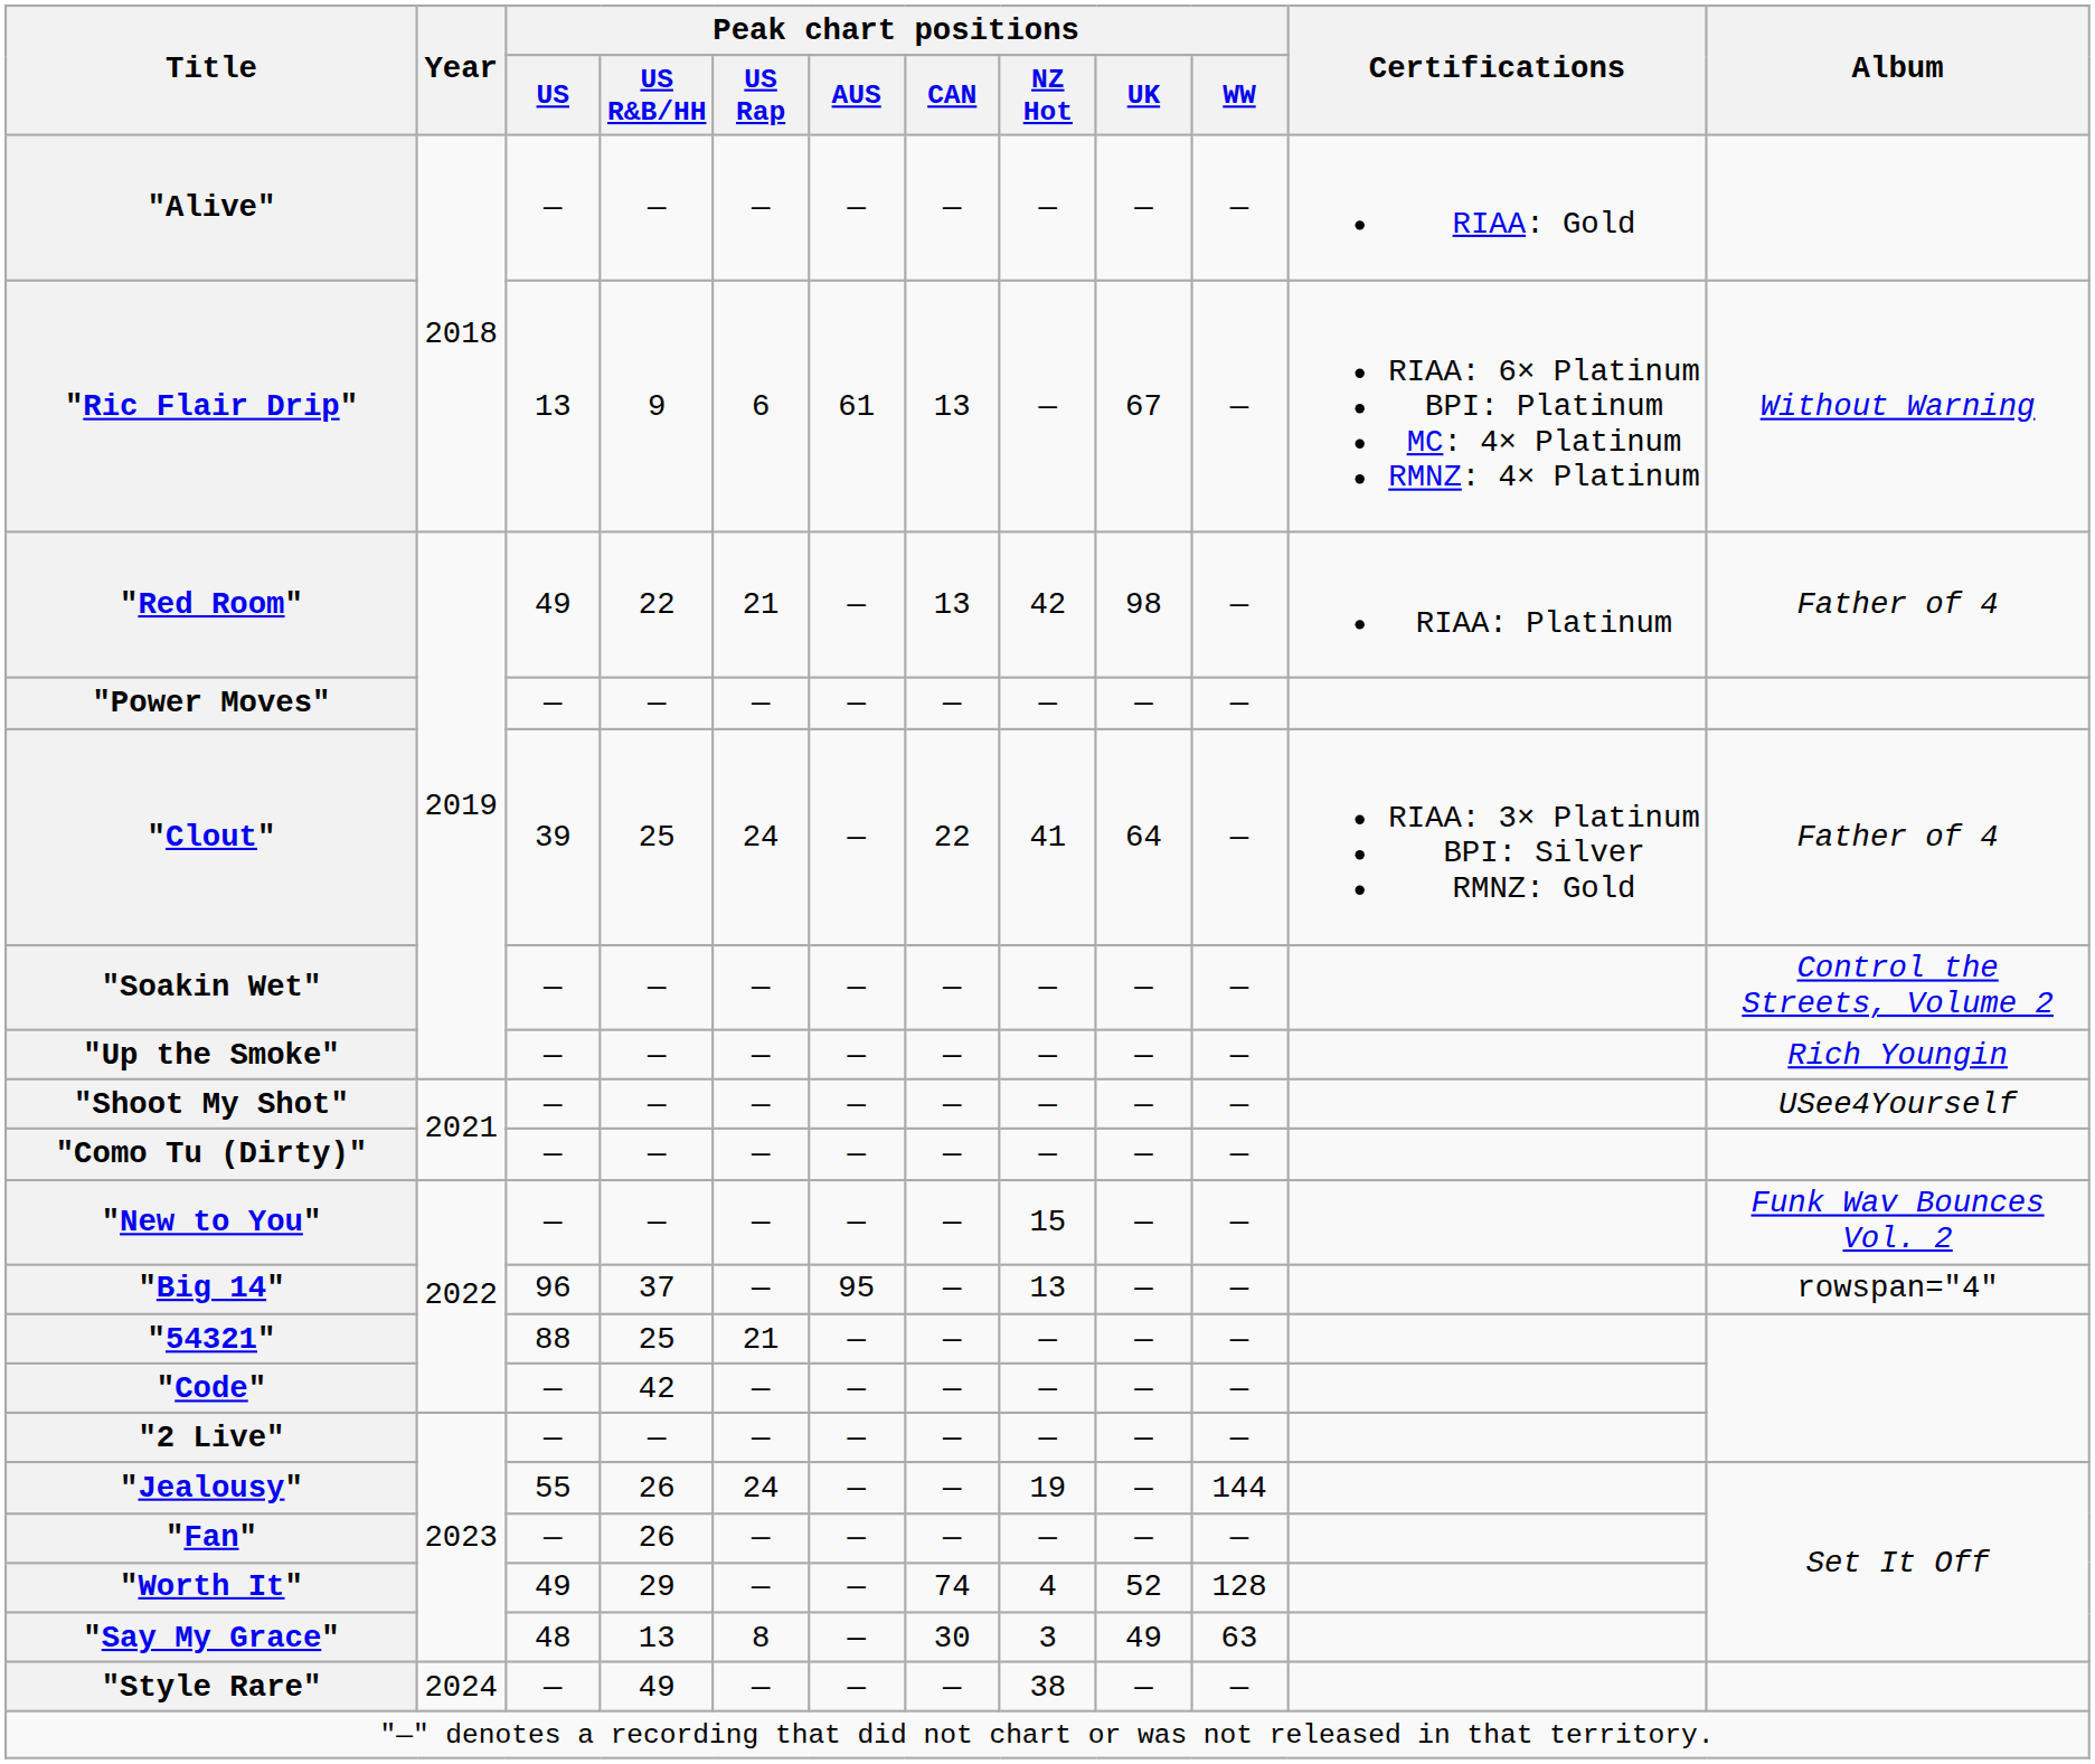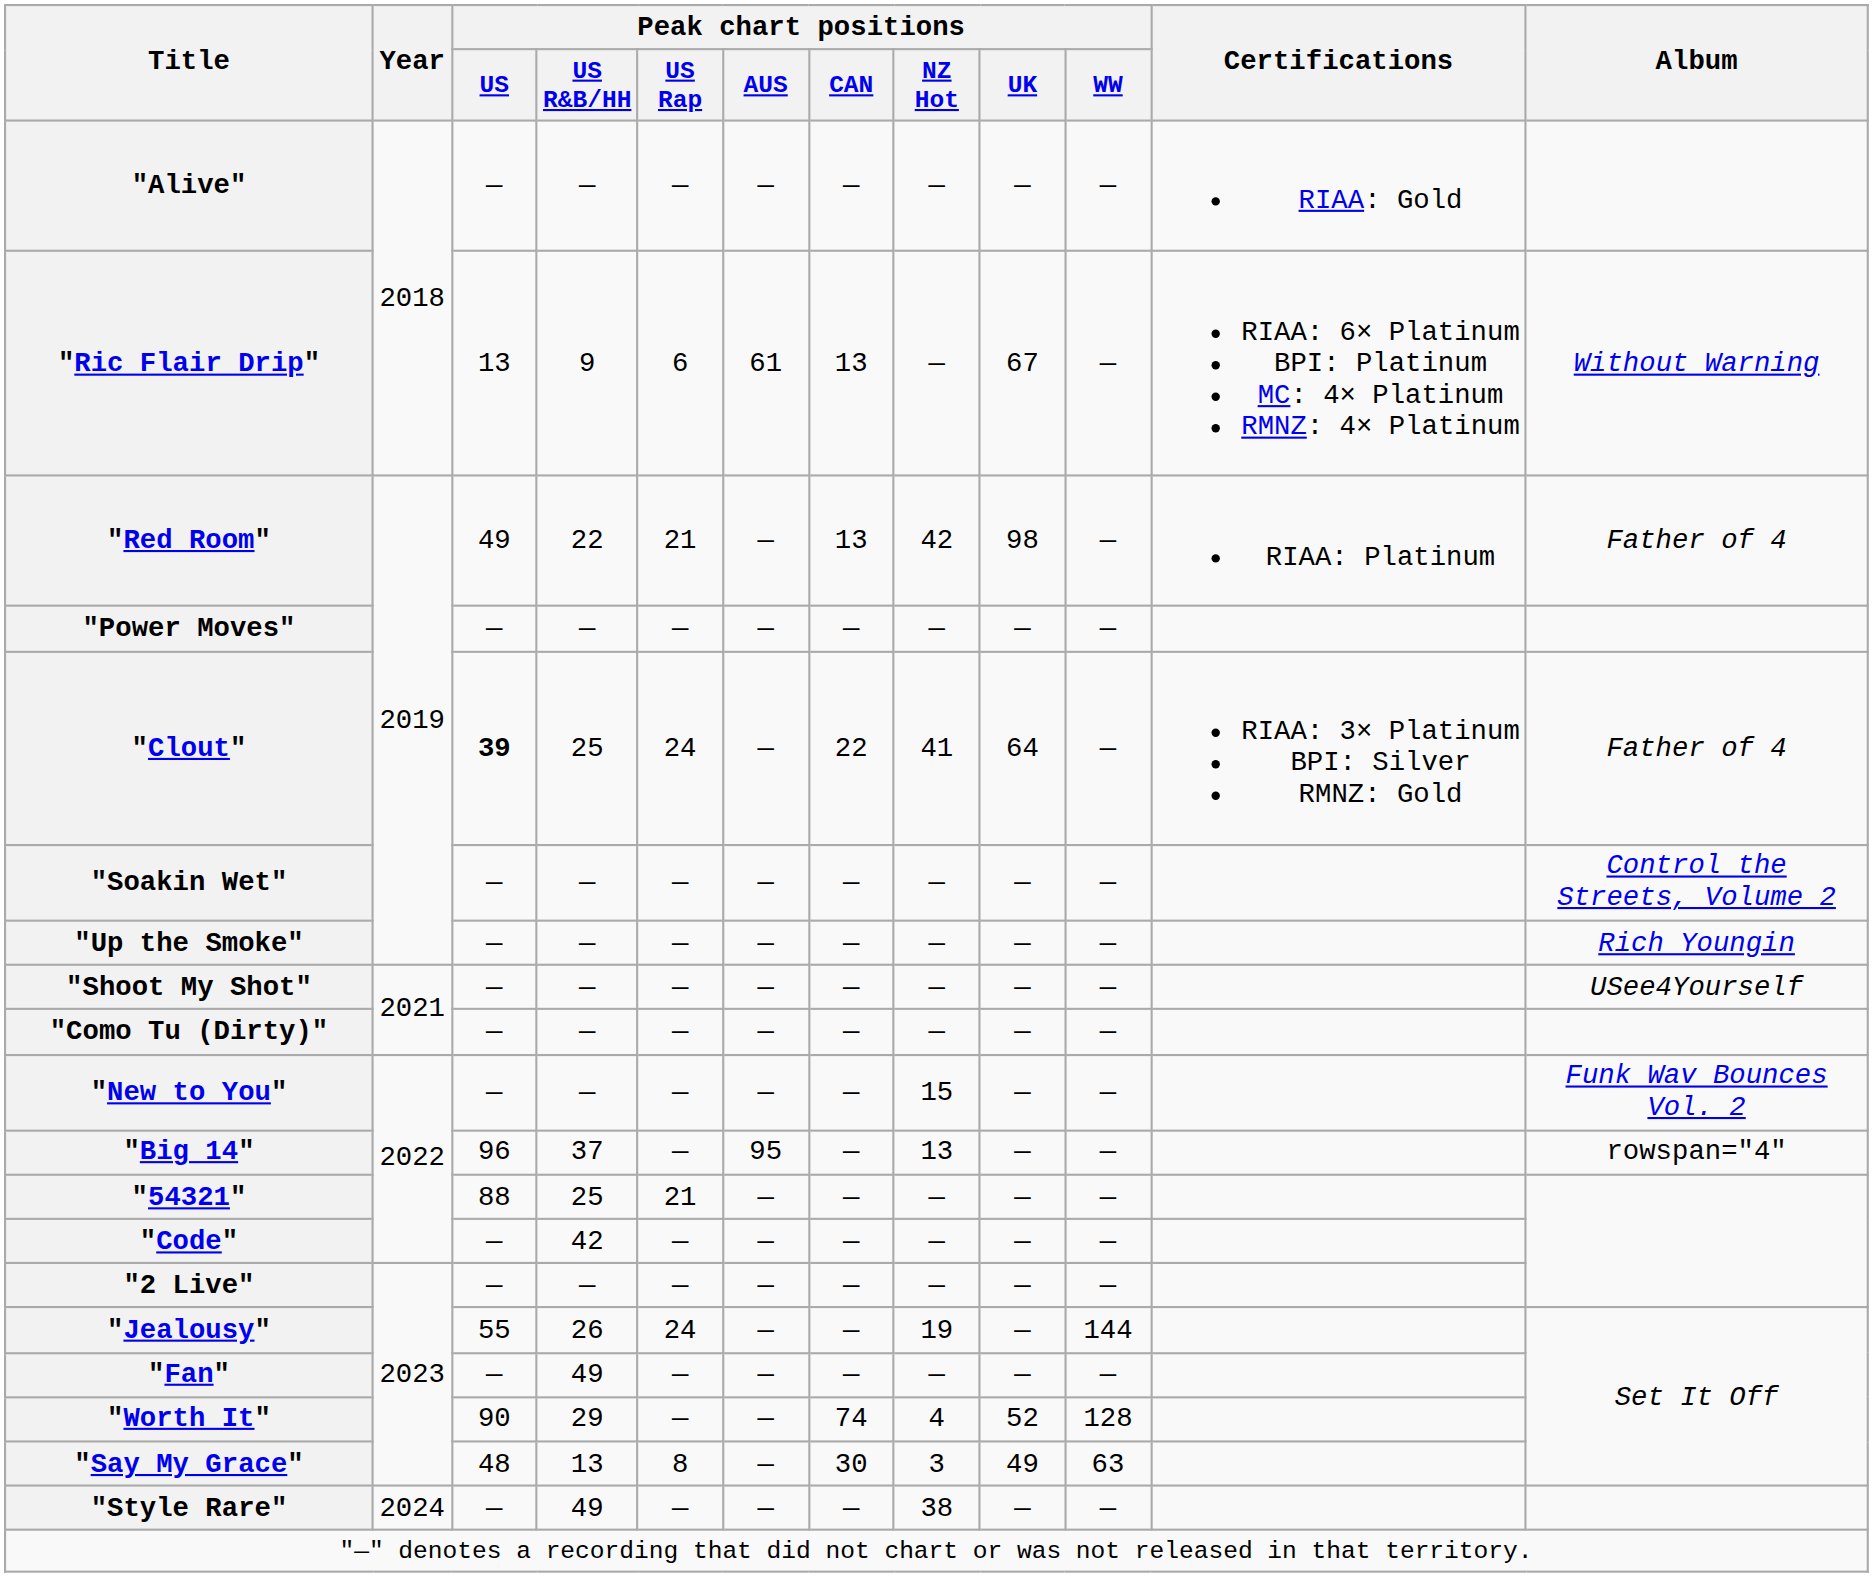 <table class="wikitable plainrowheaders" style="text-align:center;">
 <tr>
 <th scope="col" rowspan="2" style="width:13em;">Title</th>
 <th scope="col" rowspan="2">Year</th>
 <th scope="col" colspan="8">Peak chart positions</th>
 <th scope="col" rowspan="2">Certifications</th>
 <th scope="col" rowspan="2" style="width:12em;">Album</th>
 </tr>
 <tr>
 <th scope="col" style="width:3em;font-size:90%;"><a href='#'>US</a><br></th>
 <th scope="col" style="width:3em;font-size:90%;"><a href='#'>US R&B/HH</a><br></th>
 <th scope="col" style="width:3em;font-size:90%;"><a href='#'>US Rap</a><br></th>
 <th scope="col" style="width:3em;font-size:90%;"><a href='#'>AUS</a><br></th>
 <th scope="col" style="width:3em;font-size:90%;"><a href='#'>CAN</a><br></th>
 <th scope="col" style="width:3em;font-size:90%;"><a href='#'>NZ<br>Hot</a><br></th>
 <th scope="col" style="width:3em;font-size:90%;"><a href='#'>UK</a><br></th>
 <th scope="col" style="width:3em;font-size:90%;"><a href='#'>WW</a><br></th>
 </tr>
 <tr>
 <th scope="row">"Alive"<br></th>
 <td rowspan="2">2018</td>
 <td>—</td>
 <td>—</td>
 <td>—</td>
 <td>—</td>
 <td>—</td>
 <td>—</td>
 <td>—</td>
 <td>—</td>
 <td><br><ul><li><a href='#'>RIAA</a>: Gold</li></ul></td>
 <td></td>
 </tr>
 <tr>
 <th scope="row">"<a href='#'>Ric Flair Drip</a>"<br></th>
 <td>13</td>
 <td>9</td>
 <td>6</td>
 <td>61</td>
 <td>13</td>
 <td>—</td>
 <td>67</td>
 <td>—</td>
 <td><br><ul><li>RIAA: 6× Platinum</li><li>BPI: Platinum</li><li><a href='#'>MC</a>: 4× Platinum</li><li><a href='#'>RMNZ</a>: 4× Platinum</li></ul></td>
 <td><em><a href='#'>Without Warning</a></em></td>
 </tr>
 <tr>
 <th scope="row">"<a href='#'>Red Room</a>"</th>
 <td rowspan="5">2019</td>
 <td>49</td>
 <td>22</td>
 <td>21</td>
 <td>—</td>
 <td>13</td>
 <td>42</td>
 <td>98</td>
 <td>—</td>
 <td><br><ul><li>RIAA: Platinum</li></ul></td>
 <td><em>Father of 4</em></td>
 </tr>
 <tr>
 <th scope="row">"Power Moves"<br></th>
 <td>—</td>
 <td>—</td>
 <td>—</td>
 <td>—</td>
 <td>—</td>
 <td>—</td>
 <td>—</td>
 <td>—</td>
 <td></td>
 <td></td>
 </tr>
 <tr>
 <th scope="row">"<a href='#'>Clout</a>"<br></th>
-<td>39</td>
+<td><strong>39</strong></td>
 <td>25</td>
 <td>24</td>
 <td>—</td>
 <td>22</td>
 <td>41</td>
 <td>64</td>
 <td>—</td>
 <td><br><ul><li>RIAA: 3× Platinum</li><li>BPI: Silver</li><li>RMNZ: Gold</li></ul></td>
 <td><em>Father of 4</em></td>
 </tr>
 <tr>
 <th scope="row">"Soakin Wet"<br></th>
 <td>—</td>
 <td>—</td>
 <td>—</td>
 <td>—</td>
 <td>—</td>
 <td>—</td>
 <td>—</td>
 <td>—</td>
 <td></td>
 <td><em><a href='#'>Control the Streets, Volume 2</a></em></td>
 </tr>
 <tr>
 <th scope="row">"Up the Smoke"<br></th>
 <td>—</td>
 <td>—</td>
 <td>—</td>
 <td>—</td>
 <td>—</td>
 <td>—</td>
 <td>—</td>
 <td>—</td>
 <td></td>
 <td><em><a href='#'>Rich Youngin</a></em></td>
 </tr>
 <tr>
 <th scope="row">"Shoot My Shot"<br></th>
 <td rowspan="2">2021</td>
 <td>—</td>
 <td>—</td>
 <td>—</td>
 <td>—</td>
 <td>—</td>
 <td>—</td>
 <td>—</td>
 <td>—</td>
 <td></td>
 <td><em>USee4Yourself</em></td>
 </tr>
 <tr>
 <th scope="row">"Como Tu (Dirty)"<br></th>
 <td>—</td>
 <td>—</td>
 <td>—</td>
 <td>—</td>
 <td>—</td>
 <td>—</td>
 <td>—</td>
 <td>—</td>
 <td></td>
 <td></td>
 </tr>
 <tr>
 <th scope="row">"<a href='#'>New to You</a>"<br></th>
 <td rowspan="4">2022</td>
 <td>—</td>
 <td>—</td>
 <td>—</td>
 <td>—</td>
 <td>—</td>
 <td>15</td>
 <td>—</td>
 <td>—</td>
 <td></td>
 <td><em><a href='#'>Funk Wav Bounces Vol. 2</a></em></td>
 </tr>
 <tr>
 <th scope="row">"<a href='#'>Big 14</a>"<br></th>
 <td>96</td>
 <td>37</td>
 <td>—</td>
 <td>95</td>
 <td>—</td>
 <td>13</td>
 <td>—</td>
 <td>—</td>
 <td></td>
 <td>rowspan="4" </td>
 </tr>
 <tr>
 <th scope="row">"<a href='#'>54321</a>"</th>
 <td>88</td>
 <td>25</td>
 <td>21</td>
 <td>—</td>
 <td>—</td>
 <td>—</td>
 <td>—</td>
 <td>—</td>
 <td></td>
 </tr>
 <tr>
 <th scope="row">"<a href='#'>Code</a>"<br></th>
 <td>—</td>
 <td>42</td>
 <td>—</td>
 <td>—</td>
 <td>—</td>
 <td>—</td>
 <td>—</td>
 <td>—</td>
 <td></td>
 </tr>
 <tr>
 <th scope="row">"2 Live"<br></th>
 <td rowspan="5">2023</td>
 <td>—</td>
 <td>—</td>
 <td>—</td>
 <td>—</td>
 <td>—</td>
 <td>—</td>
 <td>—</td>
 <td>—</td>
 <td></td>
 </tr>
 <tr>
 <th scope="row">"<a href='#'>Jealousy</a>"<br></th>
 <td>55</td>
 <td>26</td>
 <td>24</td>
 <td>—</td>
 <td>—</td>
 <td>19</td>
 <td>—</td>
 <td>144</td>
 <td></td>
 <td rowspan="4"><em>Set It Off</em></td>
 </tr>
 <tr>
 <th scope="row">"<a href='#'>Fan</a>"</th>
 <td>—</td>
-<td>26</td>
+<td>49</td>
 <td>—</td>
 <td>—</td>
 <td>—</td>
 <td>—</td>
 <td>—</td>
 <td>—</td>
 <td></td>
 </tr>
 <tr>
 <th scope="row">"<a href='#'>Worth It</a>"<br></th>
-<td>49</td>
+<td>90</td>
 <td>29</td>
 <td>—</td>
 <td>—</td>
 <td>74</td>
 <td>4</td>
 <td>52</td>
 <td>128</td>
 <td></td>
 </tr>
 <tr>
 <th scope="row">"<a href='#'>Say My Grace</a>"<br></th>
 <td>48</td>
 <td>13</td>
 <td>8</td>
 <td>—</td>
 <td>30</td>
 <td>3</td>
 <td>49</td>
 <td>63</td>
 <td></td>
 </tr>
 <tr>
 <th scope="row">"Style Rare"<br></th>
 <td>2024</td>
 <td>—</td>
 <td>49</td>
 <td>—</td>
 <td>—</td>
 <td>—</td>
 <td>38</td>
 <td>—</td>
 <td>—</td>
 <td></td>
 <td></td>
 </tr>
 <tr>
 <td colspan="17" style="font-size:90%">"—" denotes a recording that did not chart or was not released in that territory.</td>
 </tr>
 </table>
